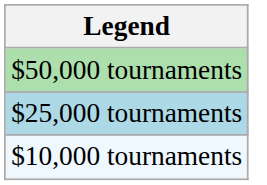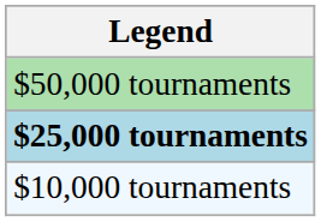 <table class="wikitable">
 <tr>
 <th>Legend</th>
 </tr>
 <tr style="background:#addfad;">
 <td>$50,000 tournaments</td>
 </tr>
 <tr style="background:lightblue;">
-<td>$25,000 tournaments</td>
+<td><strong>$25,000 tournaments</strong></td>
 </tr>
 <tr style="background:#f0f8ff;">
 <td>$10,000 tournaments</td>
 </tr>
 </table>
